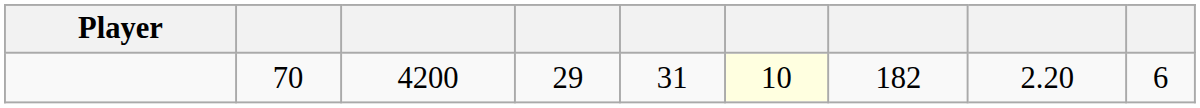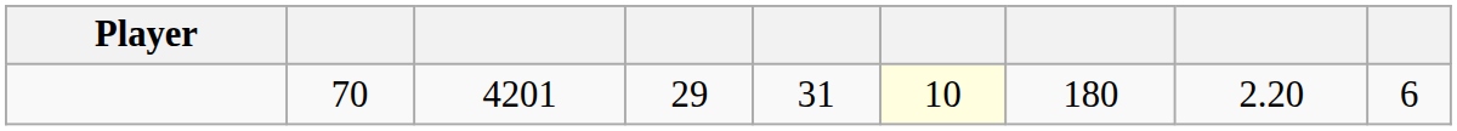 <table class="wikitable sortable" style="width:100%;">
 <tr style="text-align:center; background:#ddd;">
 <th>Player</th>
 <th></th>
 <th></th>
 <th></th>
 <th></th>
 <th></th>
 <th></th>
 <th></th>
 <th></th>
 </tr>
 <tr align=center>
 <td></td>
 <td>70</td>
-<td>4200</td>
+<td>4201</td>
 <td>29</td>
 <td>31</td>
 <td style="background: lightyellow;">10</td>
-<td>182</td>
+<td>180</td>
 <td>2.20</td>
 <td>6</td>
 </tr>
 </table>
